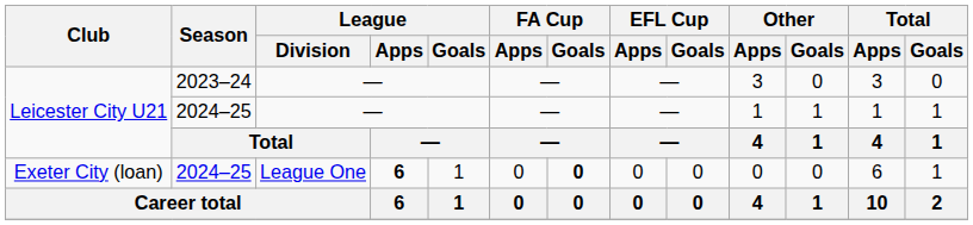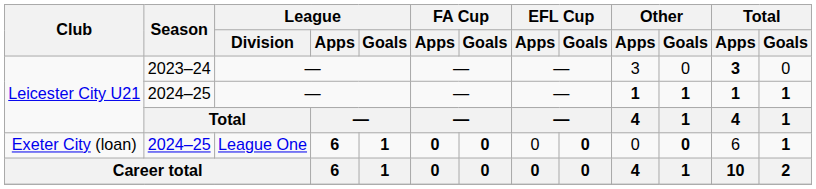 <table class=wikitable style=text-align:center>
 <tr>
 <th rowspan=2>Club</th>
 <th rowspan=2>Season</th>
 <th colspan=3>League</th>
 <th colspan=2>FA Cup</th>
 <th colspan=2>EFL Cup</th>
 <th colspan=2>Other</th>
 <th colspan=2>Total</th>
 </tr>
 <tr>
 <th>Division</th>
 <th>Apps</th>
 <th>Goals</th>
 <th>Apps</th>
 <th>Goals</th>
 <th>Apps</th>
 <th>Goals</th>
 <th>Apps</th>
 <th>Goals</th>
 <th>Apps</th>
 <th>Goals</th>
 </tr>
 <tr>
 <td rowspan=3><a href='#'>Leicester City U21</a></td>
 <td>2023–24</td>
 <td colspan=3>—</td>
 <td colspan=2>—</td>
 <td colspan=2>—</td>
 <td>3</td>
 <td>0</td>
-<td>3</td>
+<td><strong>3</strong></td>
 <td>0</td>
 </tr>
 <tr>
 <td>2024–25</td>
 <td colspan=3>—</td>
 <td colspan=2>—</td>
 <td colspan=2>—</td>
-<td>1</td>
-<td>1</td>
-<td>1</td>
-<td>1</td>
+<td><strong>1</strong></td>
+<td><strong>1</strong></td>
+<td><strong>1</strong></td>
+<td><strong>1</strong></td>
 </tr>
 <tr>
 <th colspan=2>Total</th>
 <th colspan=2>—</th>
 <th colspan=2>—</th>
 <th colspan=2>—</th>
 <th>4</th>
 <th>1</th>
 <th>4</th>
 <th>1</th>
 </tr>
 <tr>
 <td><a href='#'>Exeter City</a> (loan)</td>
 <td><a href='#'>2024–25</a></td>
 <td><a href='#'>League One</a></td>
 <td><strong>6</strong></td>
-<td>1</td>
+<td><strong>1</strong></td>
+<td><strong>0</strong></td>
+<td><strong>0</strong></td>
 <td>0</td>
 <td><strong>0</strong></td>
 <td>0</td>
-<td>0</td>
-<td>0</td>
-<td>0</td>
+<td><strong>0</strong></td>
 <td>6</td>
-<td>1</td>
+<td><strong>1</strong></td>
 </tr>
 <tr>
 <th colspan=3>Career total</th>
 <th>6</th>
 <th>1</th>
 <th>0</th>
 <th>0</th>
 <th>0</th>
 <th>0</th>
 <th>4</th>
 <th>1</th>
 <th>10</th>
 <th>2</th>
 </tr>
 <tr>
 </tr>
 </table>
